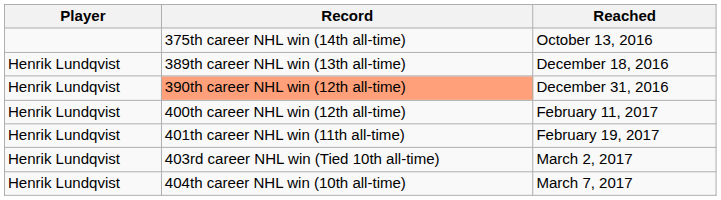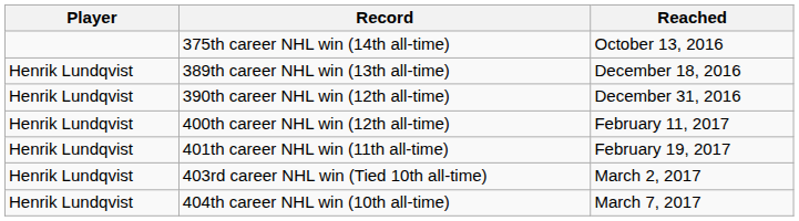 <table class="wikitable sortable" style="width:60%;">
 <tr align=center>
 <th>Player</th>
 <th>Record</th>
 <th>Reached</th>
 </tr>
 <tr>
 <td></td>
 <td>375th career NHL win (14th all-time)</td>
 <td>October 13, 2016</td>
 </tr>
 <tr>
 <td>Henrik Lundqvist</td>
 <td>389th career NHL win (13th all-time)</td>
 <td>December 18, 2016</td>
 </tr>
 <tr>
 <td>Henrik Lundqvist</td>
-<td style="background: lightsalmon;">390th career NHL win (12th all-time)</td>
+<td>390th career NHL win (12th all-time)</td>
 <td>December 31, 2016</td>
 </tr>
 <tr>
 <td>Henrik Lundqvist</td>
 <td>400th career NHL win (12th all-time)</td>
 <td>February 11, 2017</td>
 </tr>
 <tr>
 <td>Henrik Lundqvist</td>
 <td>401th career NHL win (11th all-time)</td>
 <td>February 19, 2017</td>
 </tr>
 <tr>
 <td>Henrik Lundqvist</td>
 <td>403rd career NHL win (Tied 10th all-time)</td>
 <td>March 2, 2017</td>
 </tr>
 <tr>
 <td>Henrik Lundqvist</td>
 <td>404th career NHL win (10th all-time)</td>
 <td>March 7, 2017</td>
 </tr>
 </table>
